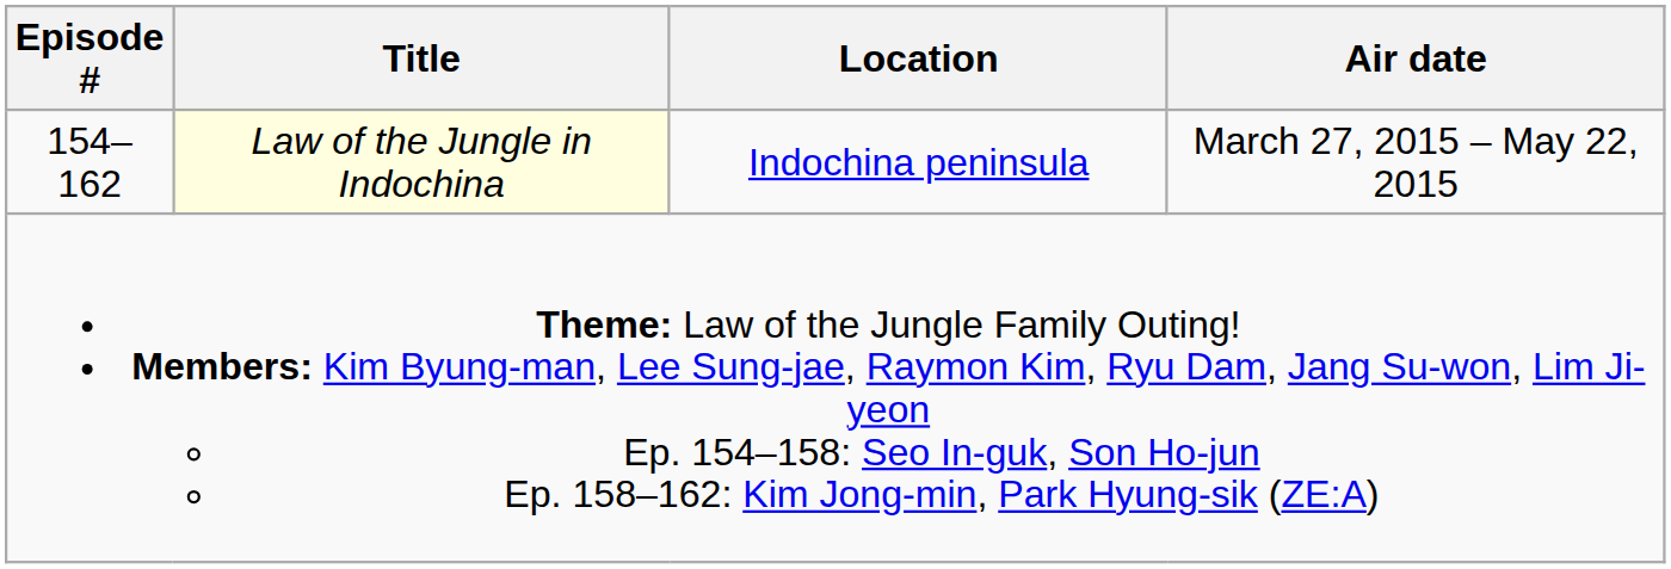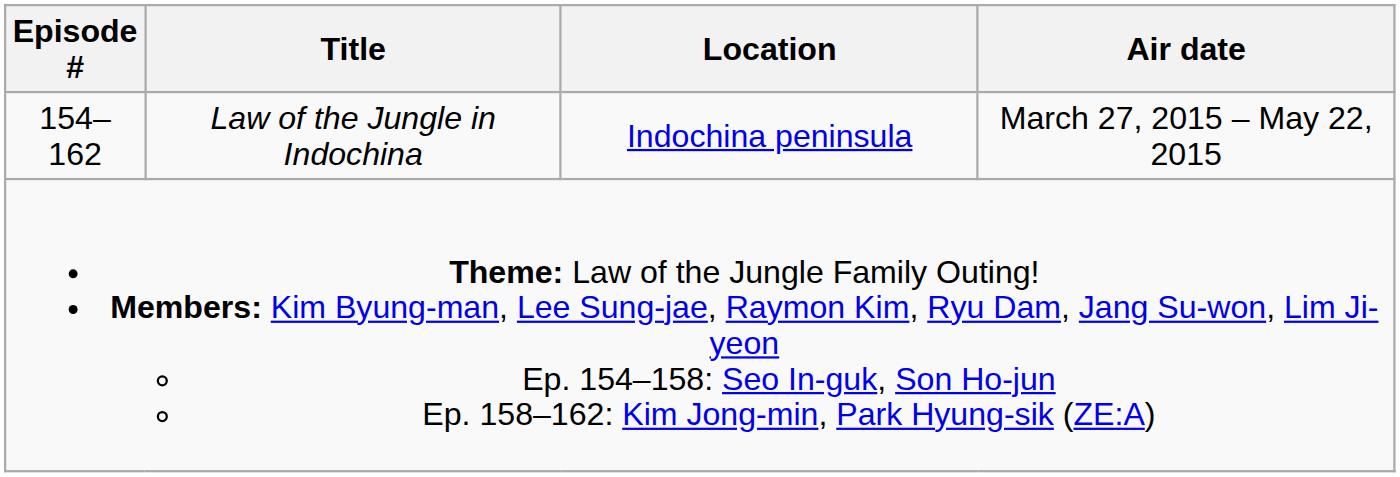 <table class="wikitable" style="text-align:center; font-size:90%; width:100%;">
 <tr>
 <th width="10%">Episode #</th>
 <th width="30%">Title</th>
 <th width="30%">Location</th>
 <th width="30%">Air date</th>
 </tr>
 <tr>
 <td>154–162</td>
-<td style="background: lightyellow;"><em>Law of the Jungle in Indochina</em></td>
+<td><em>Law of the Jungle in Indochina</em></td>
 <td><a href='#'>Indochina peninsula</a></td>
 <td>March 27, 2015 – May 22, 2015</td>
 </tr>
 <tr>
 <td colspan="4"><br><ul><li><strong>Theme:</strong> Law of the Jungle Family Outing!</li><li><strong>Members:</strong> <a href='#'>Kim Byung-man</a>, <a href='#'>Lee Sung-jae</a>, <a href='#'>Raymon Kim</a>, <a href='#'>Ryu Dam</a>, <a href='#'>Jang Su-won</a>, <a href='#'>Lim Ji-yeon</a><ul><li>Ep. 154–158: <a href='#'>Seo In-guk</a>, <a href='#'>Son Ho-jun</a></li><li>Ep. 158–162: <a href='#'>Kim Jong-min</a>, <a href='#'>Park Hyung-sik</a> (<a href='#'>ZE:A</a>)</li></ul></li></ul></td>
 </tr>
 </table>
